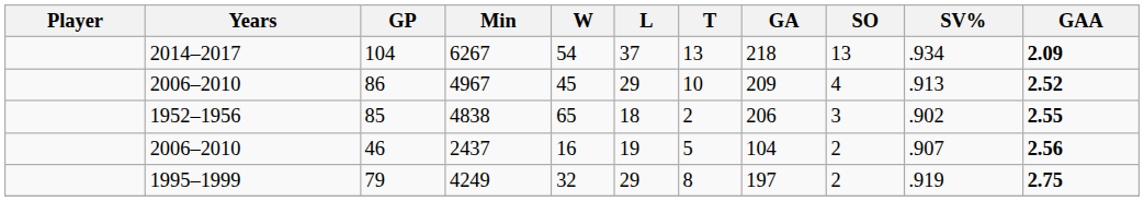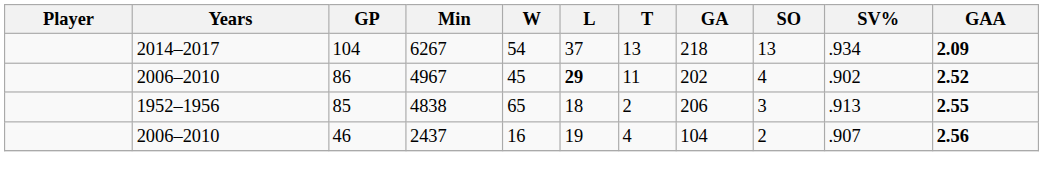 <table class="wikitable sortable" width = 900>
 <tr>
 <th>Player</th>
 <th>Years</th>
 <th>GP</th>
 <th>Min</th>
 <th>W</th>
 <th>L</th>
 <th>T</th>
 <th>GA</th>
 <th>SO</th>
 <th>SV%</th>
 <th>GAA</th>
 </tr>
 <tr>
 <td></td>
 <td>2014–2017</td>
 <td>104</td>
 <td>6267</td>
 <td>54</td>
 <td>37</td>
 <td>13</td>
 <td>218</td>
 <td>13</td>
 <td>.934</td>
 <td><strong>2.09</strong></td>
 </tr>
 <tr>
 <td></td>
 <td>2006–2010</td>
 <td>86</td>
 <td>4967</td>
 <td>45</td>
-<td>29</td>
-<td>10</td>
-<td>209</td>
+<td><strong>29</strong></td>
+<td>11</td>
+<td>202</td>
 <td>4</td>
-<td>.913</td>
+<td>.902</td>
 <td><strong>2.52</strong></td>
 </tr>
 <tr>
 <td></td>
 <td>1952–1956</td>
 <td>85</td>
 <td>4838</td>
 <td>65</td>
 <td>18</td>
 <td>2</td>
 <td>206</td>
 <td>3</td>
-<td>.902</td>
+<td>.913</td>
 <td><strong>2.55</strong></td>
 </tr>
 <tr>
 <td></td>
 <td>2006–2010</td>
 <td>46</td>
 <td>2437</td>
 <td>16</td>
 <td>19</td>
-<td>5</td>
+<td>4</td>
 <td>104</td>
 <td>2</td>
 <td>.907</td>
 <td><strong>2.56</strong></td>
 </tr>
 <tr>
-<td></td>
-<td>1995–1999</td>
-<td>79</td>
-<td>4249</td>
-<td>32</td>
-<td>29</td>
-<td>8</td>
-<td>197</td>
-<td>2</td>
-<td>.919</td>
-<td><strong>2.75</strong></td>
-</tr>
-<tr>
 </tr>
 </table>
